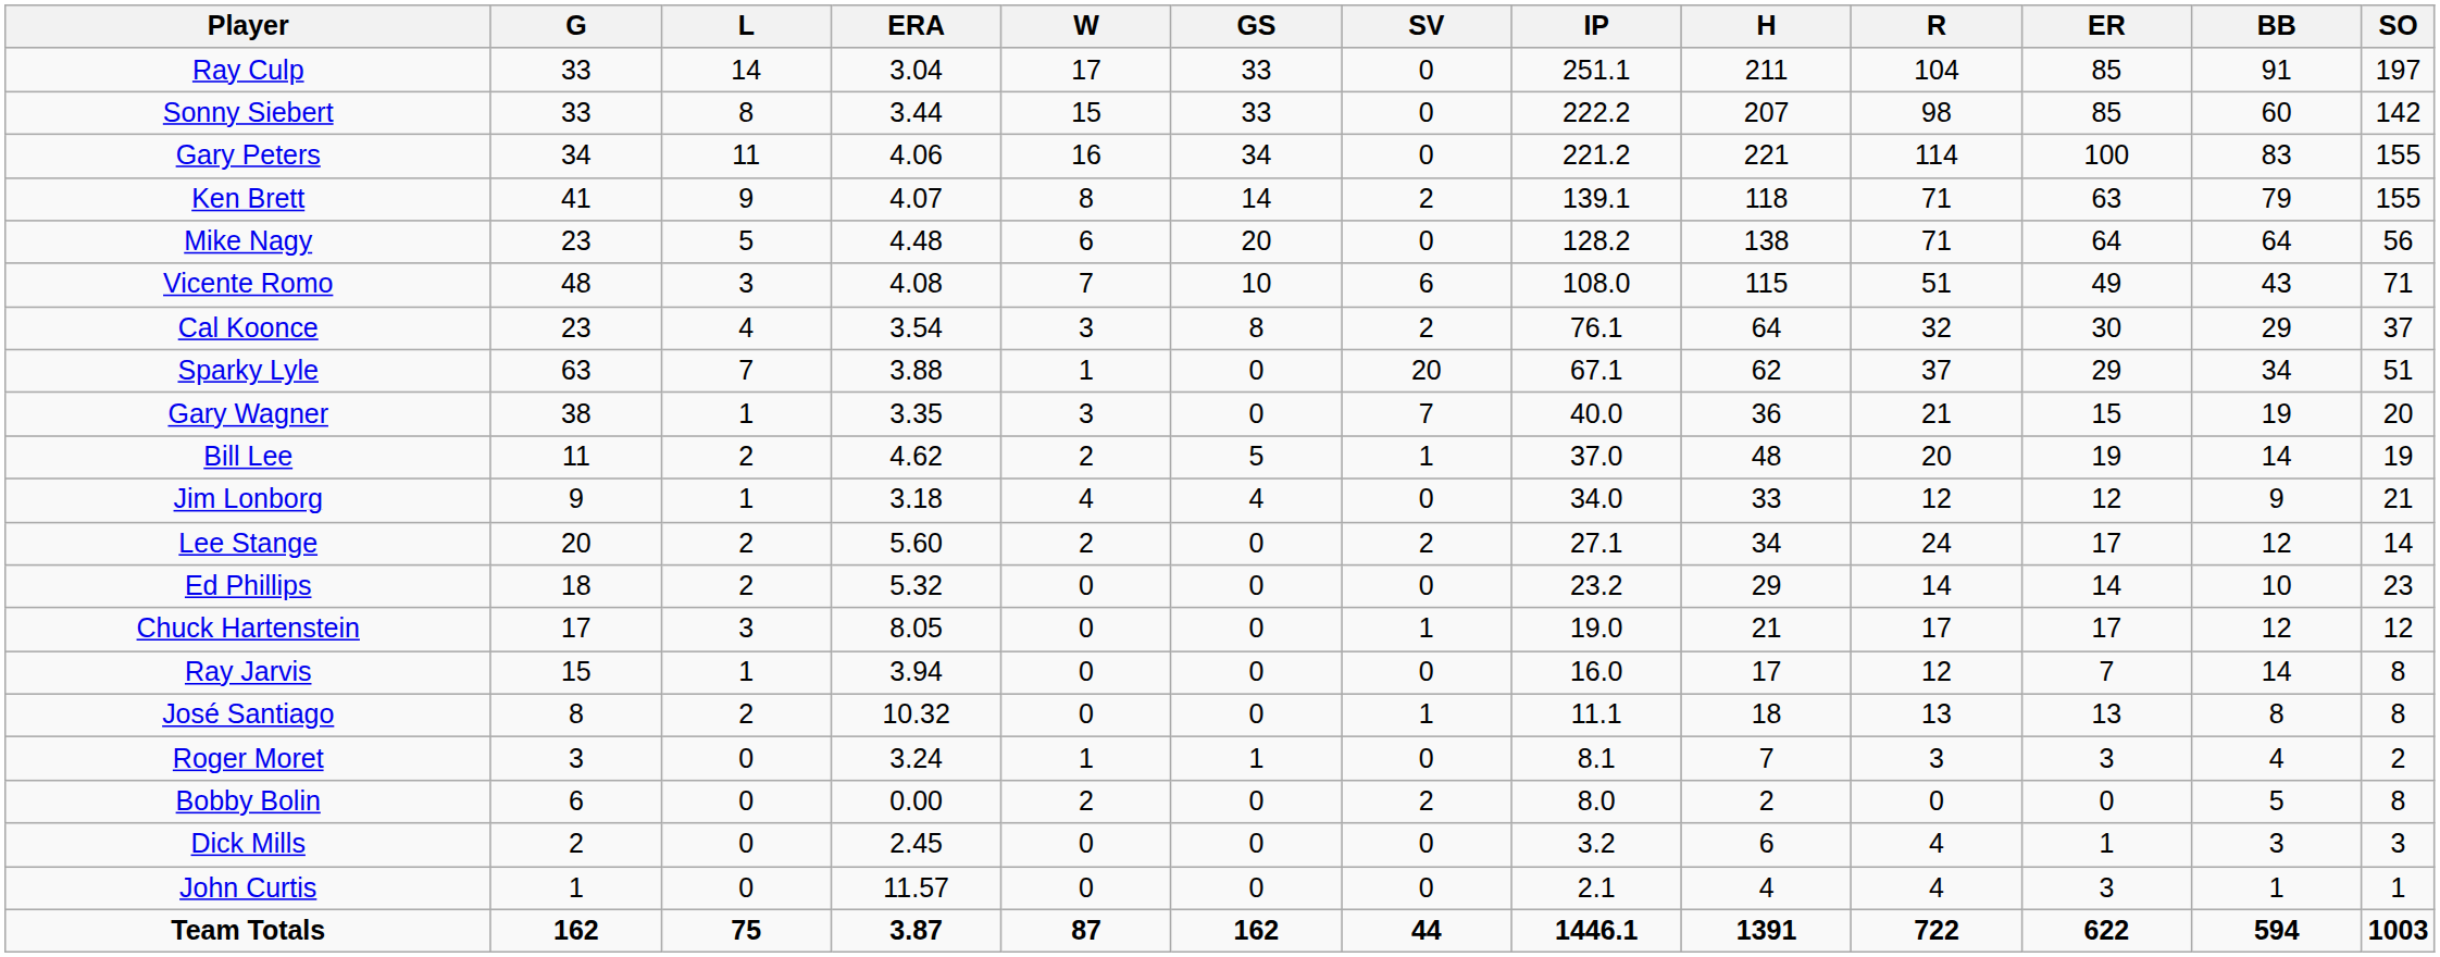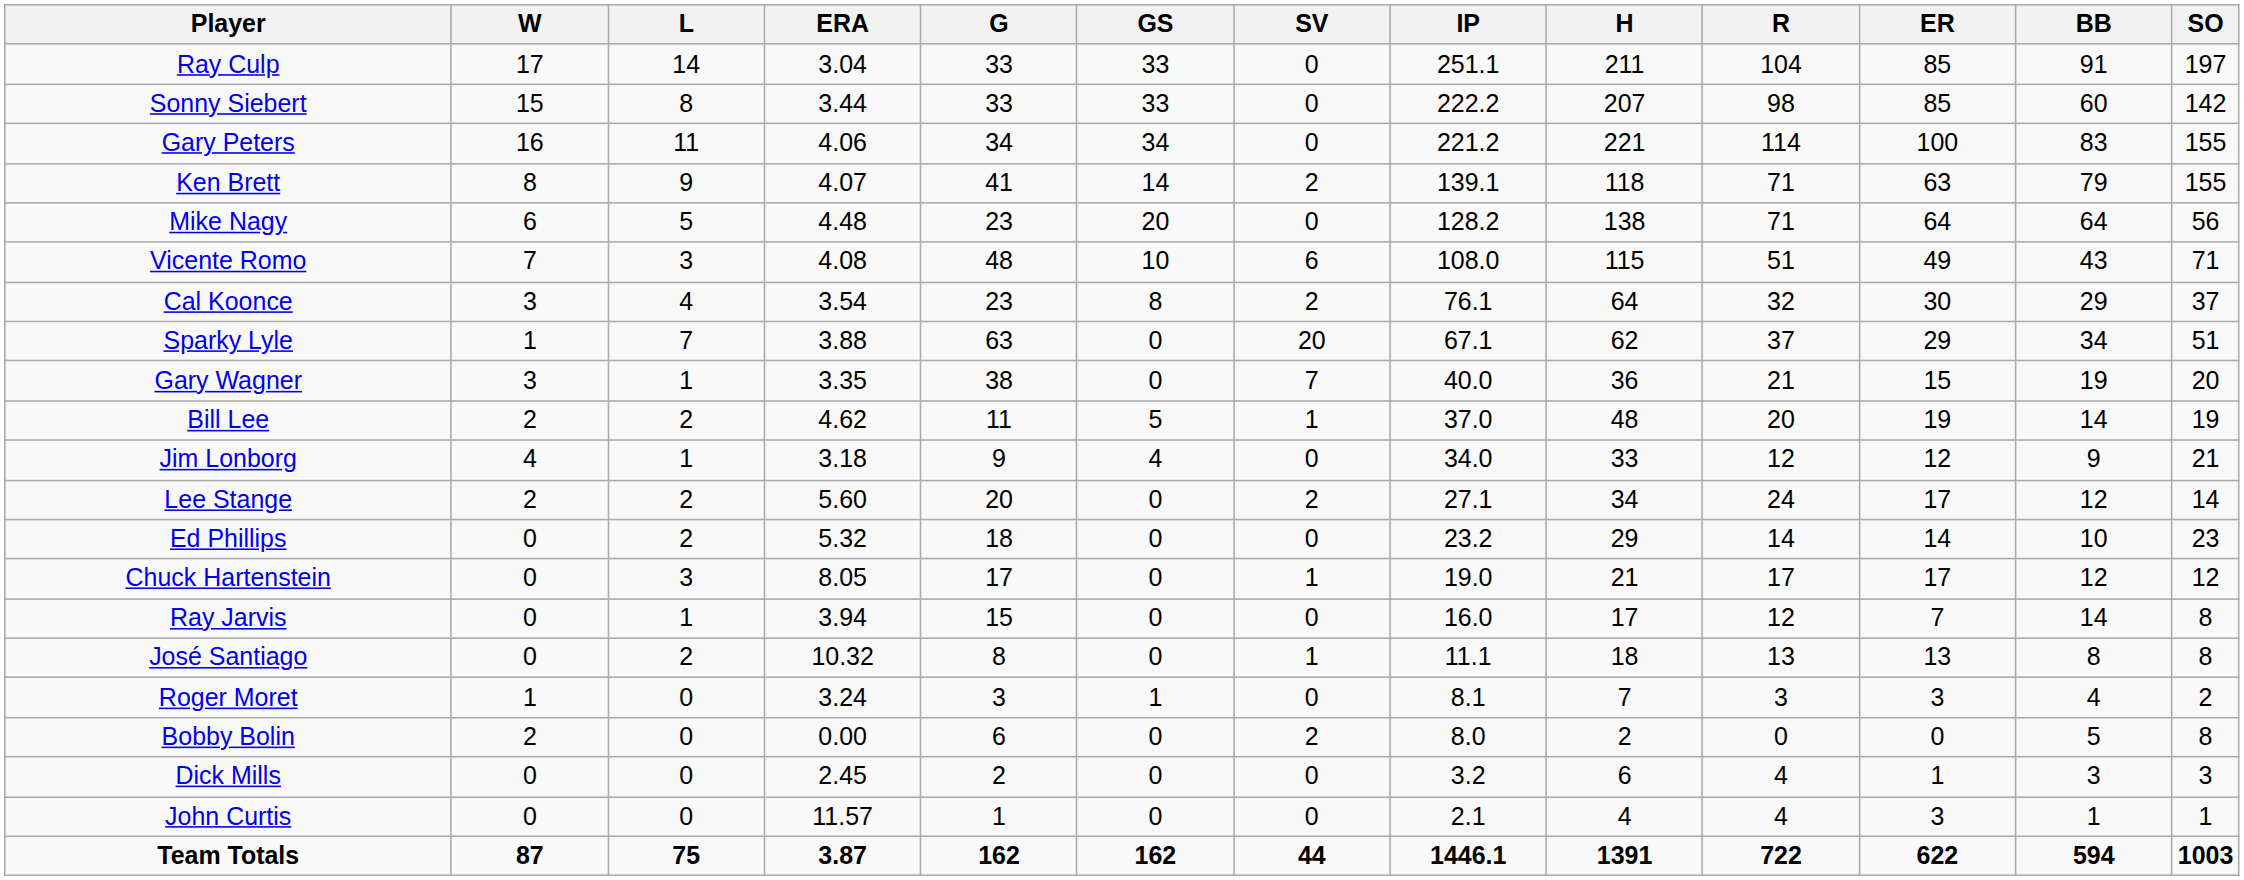 <table class=wikitable style="text-align:center">
 <tr>
 <th bgcolor=#DDDDFF; width="20%">Player</th>
-<th bgcolor=#DDDDFF; width="7%">G</th>
+<th bgcolor=#DDDDFF; width="7%">W</th>
 <th bgcolor=#DDDDFF; width="7%">L</th>
 <th bgcolor=#DDDDFF; width="7%">ERA</th>
-<th bgcolor=#DDDDFF; width="7%">W</th>
+<th bgcolor=#DDDDFF; width="7%">G</th>
 <th bgcolor=#DDDDFF; width="7%'">GS</th>
 <th bgcolor=#DDDDFF; width="7%">SV</th>
 <th bgcolor=#DDDDFF; width="7%">IP</th>
 <th bgcolor=#DDDDFF; width="7%">H</th>
 <th bgcolor=#DDDDFF; width="7%">R</th>
 <th bgcolor=#DDDDFF; width="7%">ER</th>
 <th bgcolor=#DDDDFF; width="7%">BB</th>
 <th bgcolor=#DDDDFF; width="7%">SO</th>
 </tr>
 <tr>
 <td><a href='#'>Ray Culp</a></td>
-<td>33</td>
+<td>17</td>
 <td>14</td>
 <td>3.04</td>
-<td>17</td>
+<td>33</td>
 <td>33</td>
 <td>0</td>
 <td>251.1</td>
 <td>211</td>
 <td>104</td>
 <td>85</td>
 <td>91</td>
 <td>197</td>
 </tr>
 <tr>
 <td><a href='#'>Sonny Siebert</a></td>
-<td>33</td>
+<td>15</td>
 <td>8</td>
 <td>3.44</td>
-<td>15</td>
+<td>33</td>
 <td>33</td>
 <td>0</td>
 <td>222.2</td>
 <td>207</td>
 <td>98</td>
 <td>85</td>
 <td>60</td>
 <td>142</td>
 </tr>
 <tr>
 <td><a href='#'>Gary Peters</a></td>
-<td>34</td>
+<td>16</td>
 <td>11</td>
 <td>4.06</td>
-<td>16</td>
+<td>34</td>
 <td>34</td>
 <td>0</td>
 <td>221.2</td>
 <td>221</td>
 <td>114</td>
 <td>100</td>
 <td>83</td>
 <td>155</td>
 </tr>
 <tr>
 <td><a href='#'>Ken Brett</a></td>
-<td>41</td>
+<td>8</td>
 <td>9</td>
 <td>4.07</td>
-<td>8</td>
+<td>41</td>
 <td>14</td>
 <td>2</td>
 <td>139.1</td>
 <td>118</td>
 <td>71</td>
 <td>63</td>
 <td>79</td>
 <td>155</td>
 </tr>
 <tr>
 <td><a href='#'>Mike Nagy</a></td>
-<td>23</td>
+<td>6</td>
 <td>5</td>
 <td>4.48</td>
-<td>6</td>
+<td>23</td>
 <td>20</td>
 <td>0</td>
 <td>128.2</td>
 <td>138</td>
 <td>71</td>
 <td>64</td>
 <td>64</td>
 <td>56</td>
 </tr>
 <tr>
 <td><a href='#'>Vicente Romo</a></td>
-<td>48</td>
+<td>7</td>
 <td>3</td>
 <td>4.08</td>
-<td>7</td>
+<td>48</td>
 <td>10</td>
 <td>6</td>
 <td>108.0</td>
 <td>115</td>
 <td>51</td>
 <td>49</td>
 <td>43</td>
 <td>71</td>
 </tr>
 <tr>
 <td><a href='#'>Cal Koonce</a></td>
-<td>23</td>
+<td>3</td>
 <td>4</td>
 <td>3.54</td>
-<td>3</td>
+<td>23</td>
 <td>8</td>
 <td>2</td>
 <td>76.1</td>
 <td>64</td>
 <td>32</td>
 <td>30</td>
 <td>29</td>
 <td>37</td>
 </tr>
 <tr>
 <td><a href='#'>Sparky Lyle</a></td>
-<td>63</td>
+<td>1</td>
 <td>7</td>
 <td>3.88</td>
-<td>1</td>
+<td>63</td>
 <td>0</td>
 <td>20</td>
 <td>67.1</td>
 <td>62</td>
 <td>37</td>
 <td>29</td>
 <td>34</td>
 <td>51</td>
 </tr>
 <tr>
 <td><a href='#'>Gary Wagner</a></td>
-<td>38</td>
+<td>3</td>
 <td>1</td>
 <td>3.35</td>
-<td>3</td>
+<td>38</td>
 <td>0</td>
 <td>7</td>
 <td>40.0</td>
 <td>36</td>
 <td>21</td>
 <td>15</td>
 <td>19</td>
 <td>20</td>
 </tr>
 <tr>
 <td><a href='#'>Bill Lee</a></td>
-<td>11</td>
+<td>2</td>
 <td>2</td>
 <td>4.62</td>
-<td>2</td>
+<td>11</td>
 <td>5</td>
 <td>1</td>
 <td>37.0</td>
 <td>48</td>
 <td>20</td>
 <td>19</td>
 <td>14</td>
 <td>19</td>
 </tr>
 <tr>
 <td><a href='#'>Jim Lonborg</a></td>
-<td>9</td>
+<td>4</td>
 <td>1</td>
 <td>3.18</td>
-<td>4</td>
+<td>9</td>
 <td>4</td>
 <td>0</td>
 <td>34.0</td>
 <td>33</td>
 <td>12</td>
 <td>12</td>
 <td>9</td>
 <td>21</td>
 </tr>
 <tr>
 <td><a href='#'>Lee Stange</a></td>
-<td>20</td>
+<td>2</td>
 <td>2</td>
 <td>5.60</td>
-<td>2</td>
+<td>20</td>
 <td>0</td>
 <td>2</td>
 <td>27.1</td>
 <td>34</td>
 <td>24</td>
 <td>17</td>
 <td>12</td>
 <td>14</td>
 </tr>
 <tr>
 <td><a href='#'>Ed Phillips</a></td>
-<td>18</td>
+<td>0</td>
 <td>2</td>
 <td>5.32</td>
-<td>0</td>
+<td>18</td>
 <td>0</td>
 <td>0</td>
 <td>23.2</td>
 <td>29</td>
 <td>14</td>
 <td>14</td>
 <td>10</td>
 <td>23</td>
 </tr>
 <tr>
 <td><a href='#'>Chuck Hartenstein</a></td>
-<td>17</td>
+<td>0</td>
 <td>3</td>
 <td>8.05</td>
-<td>0</td>
+<td>17</td>
 <td>0</td>
 <td>1</td>
 <td>19.0</td>
 <td>21</td>
 <td>17</td>
 <td>17</td>
 <td>12</td>
 <td>12</td>
 </tr>
 <tr>
 <td><a href='#'>Ray Jarvis</a></td>
-<td>15</td>
+<td>0</td>
 <td>1</td>
 <td>3.94</td>
-<td>0</td>
+<td>15</td>
 <td>0</td>
 <td>0</td>
 <td>16.0</td>
 <td>17</td>
 <td>12</td>
 <td>7</td>
 <td>14</td>
 <td>8</td>
 </tr>
 <tr>
 <td><a href='#'>José Santiago</a></td>
-<td>8</td>
+<td>0</td>
 <td>2</td>
 <td>10.32</td>
-<td>0</td>
+<td>8</td>
 <td>0</td>
 <td>1</td>
 <td>11.1</td>
 <td>18</td>
 <td>13</td>
 <td>13</td>
 <td>8</td>
 <td>8</td>
 </tr>
 <tr>
 <td><a href='#'>Roger Moret</a></td>
-<td>3</td>
+<td>1</td>
 <td>0</td>
 <td>3.24</td>
-<td>1</td>
+<td>3</td>
 <td>1</td>
 <td>0</td>
 <td>8.1</td>
 <td>7</td>
 <td>3</td>
 <td>3</td>
 <td>4</td>
 <td>2</td>
 </tr>
 <tr>
 <td><a href='#'>Bobby Bolin</a></td>
-<td>6</td>
+<td>2</td>
 <td>0</td>
 <td>0.00</td>
-<td>2</td>
+<td>6</td>
 <td>0</td>
 <td>2</td>
 <td>8.0</td>
 <td>2</td>
 <td>0</td>
 <td>0</td>
 <td>5</td>
 <td>8</td>
 </tr>
 <tr>
 <td><a href='#'>Dick Mills</a></td>
-<td>2</td>
+<td>0</td>
 <td>0</td>
 <td>2.45</td>
-<td>0</td>
+<td>2</td>
 <td>0</td>
 <td>0</td>
 <td>3.2</td>
 <td>6</td>
 <td>4</td>
 <td>1</td>
 <td>3</td>
 <td>3</td>
 </tr>
 <tr>
 <td><a href='#'>John Curtis</a></td>
-<td>1</td>
+<td>0</td>
 <td>0</td>
 <td>11.57</td>
-<td>0</td>
+<td>1</td>
 <td>0</td>
 <td>0</td>
 <td>2.1</td>
 <td>4</td>
 <td>4</td>
 <td>3</td>
 <td>1</td>
 <td>1</td>
 </tr>
 <tr>
 <td><strong>Team Totals</strong></td>
-<td><strong>162</strong></td>
+<td><strong>87</strong></td>
 <td><strong>75</strong></td>
 <td><strong>3.87</strong></td>
-<td><strong>87</strong></td>
+<td><strong>162</strong></td>
 <td><strong>162</strong></td>
 <td><strong>44</strong></td>
 <td><strong>1446.1</strong></td>
 <td><strong>1391</strong></td>
 <td><strong>722</strong></td>
 <td><strong>622</strong></td>
 <td><strong>594</strong></td>
 <td><strong>1003</strong></td>
 </tr>
 </table>
